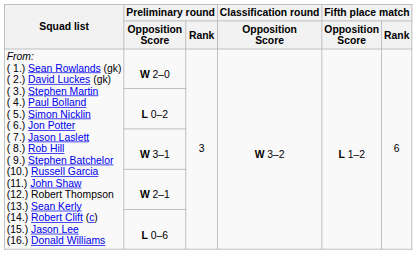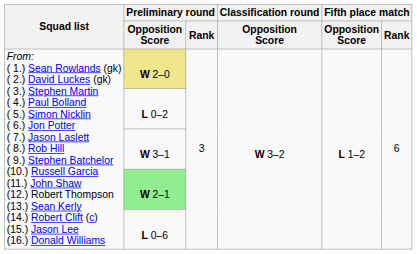 <table class=wikitable style="font-size:90%">
 <tr>
 <th rowspan="2">Squad list</th>
 <th colspan="2">Preliminary round</th>
 <th>Classification round</th>
 <th colspan="2">Fifth place match</th>
 </tr>
 <tr>
 <th>Opposition<br>Score</th>
 <th>Rank</th>
 <th>Opposition<br>Score</th>
 <th>Opposition<br>Score</th>
 <th>Rank</th>
 </tr>
 <tr>
 <td rowspan="5"><em>From:</em><br>( 1.) <a href='#'>Sean Rowlands</a> (gk)<br>( 2.) <a href='#'>David Luckes</a> (gk)<br>( 3.) <a href='#'>Stephen Martin</a><br>( 4.) <a href='#'>Paul Bolland</a> <br>( 5.) <a href='#'>Simon Nicklin</a> <br>( 6.) <a href='#'>Jon Potter</a><br>( 7.) <a href='#'>Jason Laslett</a><br>( 8.) <a href='#'>Rob Hill</a><br>( 9.) <a href='#'>Stephen Batchelor</a><br>(10.) <a href='#'>Russell Garcia</a><br>(11.) <a href='#'>John Shaw</a><br>(12.) Robert Thompson<br>(13.) <a href='#'>Sean Kerly</a><br>(14.) <a href='#'>Robert Clift</a> (<a href='#'>c</a>)<br>(15.) <a href='#'>Jason Lee</a><br>(16.) <a href='#'>Donald Williams</a></td>
-<td style="text-align:center;"><br><strong>W</strong> 2–0</td>
+<td style="background: khaki; text-align:center;"><br><strong>W</strong> 2–0</td>
 <td style="text-align:center;" rowspan="5">3</td>
 <td style="text-align:center;" rowspan="5"><br><strong>W</strong> 3–2</td>
 <td style="text-align:center;" rowspan="5"><br><strong>L</strong> 1–2</td>
 <td style="text-align:center;" rowspan="5">6</td>
 </tr>
 <tr>
 <td style="text-align:center;"><br><strong>L</strong> 0–2</td>
 </tr>
 <tr>
 <td style="text-align:center;"><br><strong>W</strong> 3–1</td>
 </tr>
 <tr>
-<td style="text-align:center;"><br><strong>W</strong> 2–1</td>
+<td style="background: lightgreen; text-align:center;"><br><strong>W</strong> 2–1</td>
 </tr>
 <tr>
 <td style="text-align:center;"><br><strong>L</strong> 0–6</td>
 </tr>
 </table>
